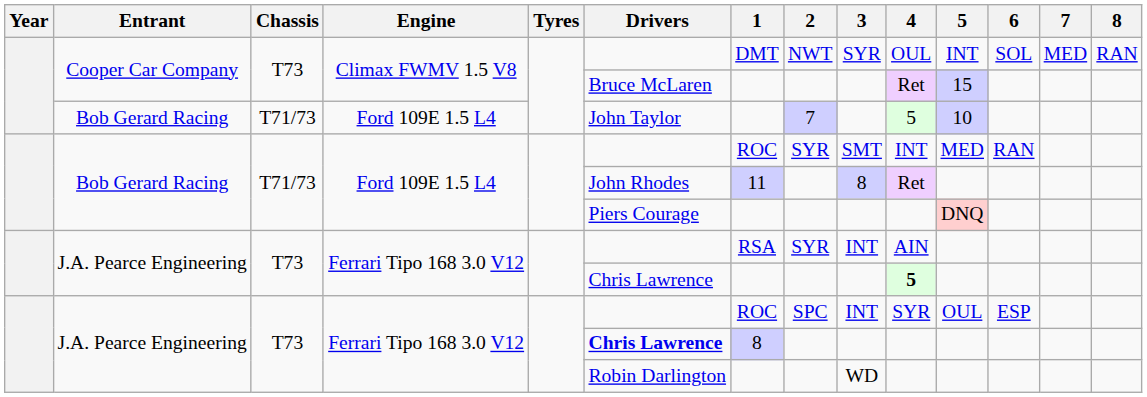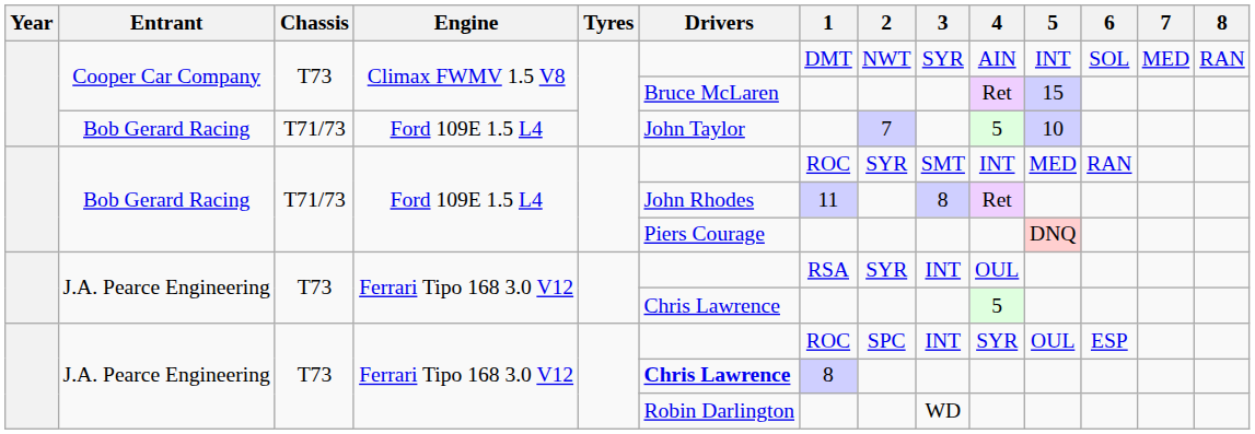 <table class="wikitable" style="font-size:90%; text-align:center">
 <tr>
 <th>Year</th>
 <th>Entrant</th>
 <th>Chassis</th>
 <th>Engine</th>
 <th>Tyres</th>
 <th>Drivers</th>
 <th>1</th>
 <th>2</th>
 <th>3</th>
 <th>4</th>
 <th>5</th>
 <th>6</th>
 <th>7</th>
 <th>8</th>
 </tr>
 <tr>
 <th rowspan="3"></th>
 <td rowspan="2"><a href='#'>Cooper Car Company</a></td>
 <td rowspan="2">T73</td>
 <td rowspan="2"><a href='#'>Climax FWMV</a> 1.5 <a href='#'>V8</a></td>
 <td rowspan="3"></td>
 <td></td>
 <td><a href='#'>DMT</a></td>
 <td><a href='#'>NWT</a></td>
 <td><a href='#'>SYR</a></td>
-<td><a href='#'>OUL</a></td>
+<td><a href='#'>AIN</a></td>
 <td><a href='#'>INT</a></td>
 <td><a href='#'>SOL</a></td>
 <td><a href='#'>MED</a></td>
 <td><a href='#'>RAN</a></td>
 </tr>
 <tr>
 <td style="text-align:left"> <a href='#'>Bruce McLaren</a></td>
 <td></td>
 <td></td>
 <td></td>
 <td style="background:#EFCFFF">Ret</td>
 <td style="background:#CFCFFF">15</td>
 <td></td>
 <td></td>
 <td></td>
 </tr>
 <tr>
 <td><a href='#'>Bob Gerard Racing</a></td>
 <td>T71/73</td>
 <td><a href='#'>Ford</a> 109E 1.5 <a href='#'>L4</a></td>
 <td style="text-align:left"> <a href='#'>John Taylor</a></td>
 <td></td>
 <td style="background:#CFCFFF">7</td>
 <td></td>
 <td style="background:#DFFFDF">5</td>
 <td style="background:#CFCFFF">10</td>
 <td></td>
 <td></td>
 <td></td>
 </tr>
 <tr>
 <th rowspan="3"></th>
 <td rowspan="3"><a href='#'>Bob Gerard Racing</a></td>
 <td rowspan="3">T71/73</td>
 <td rowspan="3"><a href='#'>Ford</a> 109E 1.5 <a href='#'>L4</a></td>
 <td rowspan="3"></td>
 <td></td>
 <td><a href='#'>ROC</a></td>
 <td><a href='#'>SYR</a></td>
 <td><a href='#'>SMT</a></td>
 <td><a href='#'>INT</a></td>
 <td><a href='#'>MED</a></td>
 <td><a href='#'>RAN</a></td>
 <td></td>
 <td></td>
 </tr>
 <tr>
 <td style="text-align:left"> <a href='#'>John Rhodes</a></td>
 <td style="background:#CFCFFF">11</td>
 <td></td>
 <td style="background:#CFCFFF">8</td>
 <td style="background:#EFCFFF">Ret</td>
 <td></td>
 <td></td>
 <td></td>
 <td></td>
 </tr>
 <tr>
 <td style="text-align:left"> <a href='#'>Piers Courage</a></td>
 <td></td>
 <td></td>
 <td></td>
 <td></td>
 <td style="background:#FFCFCF">DNQ</td>
 <td></td>
 <td></td>
 <td></td>
 </tr>
 <tr>
 <th rowspan="2"></th>
 <td rowspan="2">J.A. Pearce Engineering</td>
 <td rowspan="2">T73</td>
 <td rowspan="2"><a href='#'>Ferrari</a> Tipo 168 3.0 <a href='#'>V12</a></td>
 <td rowspan="2"></td>
 <td></td>
 <td><a href='#'>RSA</a></td>
 <td><a href='#'>SYR</a></td>
 <td><a href='#'>INT</a></td>
-<td><a href='#'>AIN</a></td>
+<td><a href='#'>OUL</a></td>
 <td></td>
 <td></td>
 <td></td>
 <td></td>
 </tr>
 <tr>
 <td style="text-align:left"> <a href='#'>Chris Lawrence</a></td>
 <td></td>
 <td></td>
 <td></td>
-<td style="background:#DFFFDF"><strong>5</strong></td>
+<td style="background:#DFFFDF">5</td>
 <td></td>
 <td></td>
 <td></td>
 <td></td>
 </tr>
 <tr>
 <th rowspan="3"></th>
 <td rowspan="3">J.A. Pearce Engineering</td>
 <td rowspan="3">T73</td>
 <td rowspan="3"><a href='#'>Ferrari</a> Tipo 168 3.0 <a href='#'>V12</a></td>
 <td rowspan="3"></td>
 <td></td>
 <td><a href='#'>ROC</a></td>
 <td><a href='#'>SPC</a></td>
 <td><a href='#'>INT</a></td>
 <td><a href='#'>SYR</a></td>
 <td><a href='#'>OUL</a></td>
 <td><a href='#'>ESP</a></td>
 <td></td>
 <td></td>
 </tr>
 <tr>
 <td style="text-align:left"><strong> <a href='#'>Chris Lawrence</a></strong></td>
 <td style="background:#CFCFFF">8</td>
 <td></td>
 <td></td>
 <td></td>
 <td></td>
 <td></td>
 <td></td>
 <td></td>
 </tr>
 <tr>
 <td style="text-align:left"> <a href='#'>Robin Darlington</a></td>
 <td></td>
 <td></td>
 <td>WD</td>
 <td></td>
 <td></td>
 <td></td>
 <td></td>
 <td></td>
 </tr>
 </table>
